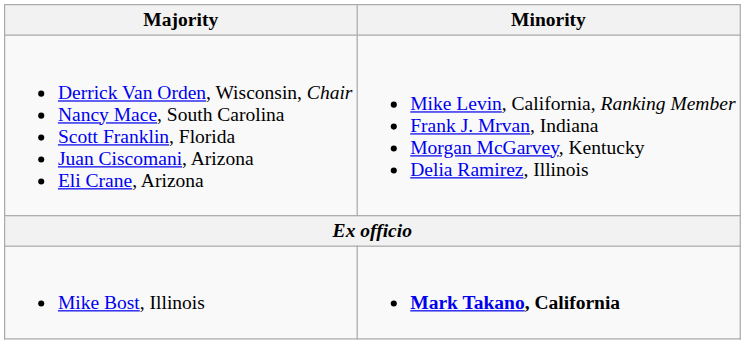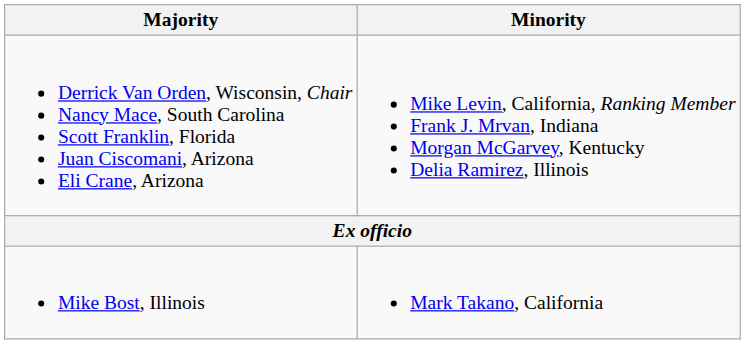 <table class=wikitable>
 <tr>
 <th>Majority</th>
 <th>Minority</th>
 </tr>
 <tr>
 <td><br><ul><li><a href='#'>Derrick Van Orden</a>, Wisconsin, <em>Chair</em></li><li><a href='#'>Nancy Mace</a>, South Carolina</li><li><a href='#'>Scott Franklin</a>, Florida</li><li><a href='#'>Juan Ciscomani</a>, Arizona</li><li><a href='#'>Eli Crane</a>, Arizona</li></ul></td>
 <td><br><ul><li><a href='#'>Mike Levin</a>, California, <em>Ranking Member</em></li><li><a href='#'>Frank J. Mrvan</a>, Indiana</li><li><a href='#'>Morgan McGarvey</a>, Kentucky</li><li><a href='#'>Delia Ramirez</a>, Illinois</li></ul></td>
 </tr>
 <tr>
 <th colspan=2><em>Ex officio</em></th>
 </tr>
 <tr>
 <td><br><ul><li><a href='#'>Mike Bost</a>, Illinois</li></ul></td>
-<td><strong><br><ul><li><a href='#'>Mark Takano</a>, California</li></ul></strong></td>
+<td><br><ul><li><a href='#'>Mark Takano</a>, California</li></ul></td>
 </tr>
 </table>
